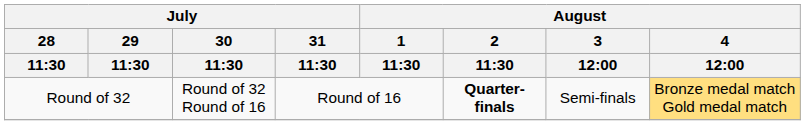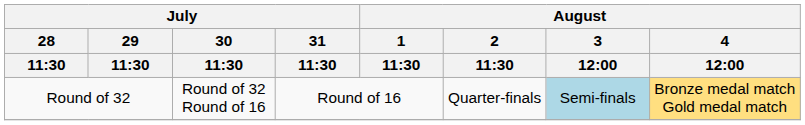 <table class="wikitable" style="text-align:center">
 <tr>
 <th colspan=4>July</th>
 <th colspan=4>August</th>
 </tr>
 <tr>
 <th width=80>28</th>
 <th width=80>29</th>
 <th width=100>30</th>
 <th width=80>31</th>
 <th width=80>1</th>
 <th width=100>2</th>
 <th width=100>3</th>
 <th width=150>4</th>
 </tr>
 <tr>
 <th>11:30</th>
 <th>11:30</th>
 <th>11:30</th>
 <th>11:30</th>
 <th>11:30</th>
 <th>11:30</th>
 <th>12:00</th>
 <th>12:00</th>
 </tr>
 <tr>
 <td colspan="2">Round of 32</td>
 <td>Round of 32<br>Round of 16</td>
 <td colspan="2">Round of 16</td>
-<td><strong>Quarter-finals</strong></td>
-<td>Semi-finals</td>
+<td>Quarter-finals</td>
+<td style="background: lightblue;">Semi-finals</td>
 <td bgcolor="FFDF80">Bronze medal match<br>Gold medal match</td>
 </tr>
 <tr>
 </tr>
 </table>
